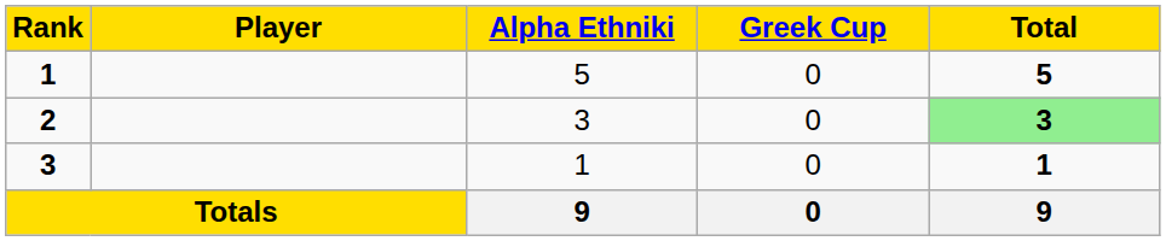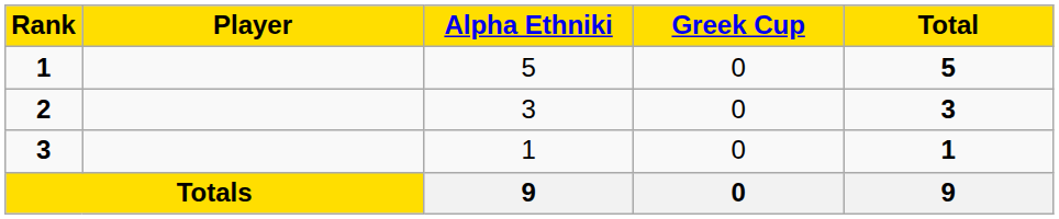 <table class="wikitable sortable" style="text-align:center">
 <tr>
 <th style="background:#FFDE00">Rank</th>
 <th width=200 style="background:#FFDE00">Player</th>
 <th width=120 style="background:#FFDE00"><a href='#'>Alpha Ethniki</a></th>
 <th width=120 style="background:#FFDE00"><a href='#'>Greek Cup</a></th>
 <th width=120 style="background:#FFDE00">Total</th>
 </tr>
 <tr>
 <td><strong>1</strong></td>
 <td align=left></td>
 <td>5</td>
 <td>0</td>
 <td><strong>5</strong></td>
 </tr>
 <tr>
 <td><strong>2</strong></td>
 <td align=left></td>
 <td>3</td>
 <td>0</td>
-<td style="background: lightgreen;"><strong>3</strong></td>
+<td><strong>3</strong></td>
 </tr>
 <tr>
 <td><strong>3</strong></td>
 <td align=left></td>
 <td>1</td>
 <td>0</td>
 <td><strong>1</strong></td>
 </tr>
 <tr class="sortbottom">
 <th colspan=2 style="background:#FFDE00"><strong>Totals</strong></th>
 <th><strong> 9</strong></th>
 <th><strong> 0</strong></th>
 <th><strong> 9</strong></th>
 </tr>
 </table>
